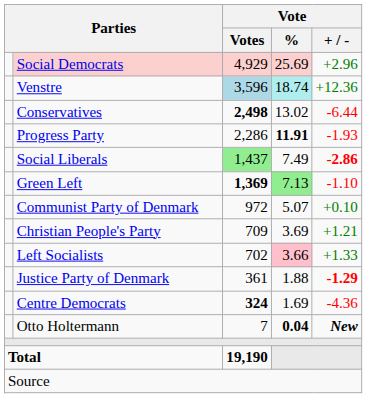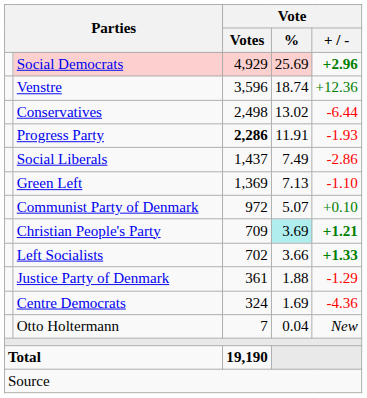 <table class="wikitable" style="text-align:right;">
 <tr>
 <th style="text-align:centre;" rowspan="2" colspan="2" width="225">Parties</th>
 <th colspan="3">Vote</th>
 </tr>
 <tr>
 <th width="15">Votes</th>
 <th width="15">%</th>
 <th width="15">+ / -</th>
 </tr>
 <tr>
 <td width="2" style="color:inherit;background:"></td>
 <td bgcolor=#fbd0ce  align="left"><a href='#'>Social Democrats</a></td>
 <td bgcolor=#fbd0ce>4,929</td>
 <td bgcolor=#fbd0ce>25.69</td>
-<td style=color:green;>+2.96</td>
+<td style=color:green;><strong>+2.96</strong></td>
 </tr>
 <tr>
 <td width="2" style="color:inherit;background:"></td>
 <td align="left"><a href='#'>Venstre</a></td>
-<td style="background: lightblue;">3,596</td>
-<td style="background: paleturquoise;">18.74</td>
+<td>3,596</td>
+<td>18.74</td>
 <td style=color:green;>+12.36</td>
 </tr>
 <tr>
 <td width="2" style="color:inherit;background:"></td>
 <td align="left"><a href='#'>Conservatives</a></td>
-<td><strong>2,498</strong></td>
+<td>2,498</td>
 <td>13.02</td>
 <td style=color:red;>-6.44</td>
 </tr>
 <tr>
 <td width="2" style="color:inherit;background:"></td>
 <td align="left"><a href='#'>Progress Party</a></td>
-<td>2,286</td>
-<td><strong>11.91</strong></td>
+<td><strong>2,286</strong></td>
+<td>11.91</td>
 <td style=color:red;>-1.93</td>
 </tr>
 <tr>
 <td width="2" style="color:inherit;background:"></td>
 <td align="left"><a href='#'>Social Liberals</a></td>
-<td style="background: lightgreen;">1,437</td>
+<td>1,437</td>
 <td>7.49</td>
-<td style=color:red;><strong>-2.86</strong></td>
+<td style=color:red;>-2.86</td>
 </tr>
 <tr>
 <td width="2" style="color:inherit;background:"></td>
 <td align="left"><a href='#'>Green Left</a></td>
-<td><strong>1,369</strong></td>
-<td style="background: lightgreen;">7.13</td>
+<td>1,369</td>
+<td>7.13</td>
 <td style=color:red;>-1.10</td>
 </tr>
 <tr>
 <td width="2" style="color:inherit;background:"></td>
 <td align="left"><a href='#'>Communist Party of Denmark</a></td>
 <td>972</td>
 <td>5.07</td>
 <td style=color:green;>+0.10</td>
 </tr>
 <tr>
 <td width="2" style="color:inherit;background:"></td>
 <td align="left"><a href='#'>Christian People's Party</a></td>
 <td>709</td>
-<td>3.69</td>
-<td style=color:green;>+1.21</td>
+<td style="background: paleturquoise;">3.69</td>
+<td style=color:green;><strong>+1.21</strong></td>
 </tr>
 <tr>
 <td width="2" style="color:inherit;background:"></td>
 <td align="left"><a href='#'>Left Socialists</a></td>
 <td>702</td>
-<td style="background: pink;">3.66</td>
-<td style=color:green;>+1.33</td>
+<td>3.66</td>
+<td style=color:green;><strong>+1.33</strong></td>
 </tr>
 <tr>
 <td width="2" style="color:inherit;background:"></td>
 <td align="left"><a href='#'>Justice Party of Denmark</a></td>
 <td>361</td>
 <td>1.88</td>
-<td style=color:red;><strong>-1.29</strong></td>
+<td style=color:red;>-1.29</td>
 </tr>
 <tr>
 <td width="2" style="color:inherit;background:"></td>
 <td align="left"><a href='#'>Centre Democrats</a></td>
-<td><strong>324</strong></td>
+<td>324</td>
 <td>1.69</td>
 <td style=color:red;>-4.36</td>
 </tr>
 <tr>
 <td width="2" style="color:inherit;background:"></td>
 <td align="left">Otto Holtermann</td>
 <td>7</td>
-<td><strong>0.04</strong></td>
-<td><strong><em>New</em></strong></td>
+<td>0.04</td>
+<td><em>New</em></td>
 </tr>
 <tr>
 <td colspan="7" bgcolor="#E9E9E9"></td>
 </tr>
 <tr>
 <td align="left" colspan="2"><strong>Total</strong></td>
 <td><strong>19,190</strong></td>
 <td bgcolor="#E9E9E9" colspan="2"></td>
 </tr>
 <tr>
 <td align="left" colspan="6">Source</td>
 </tr>
 </table>
